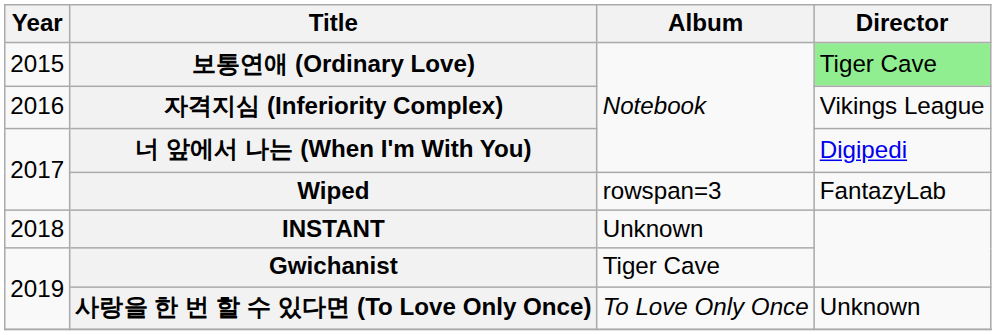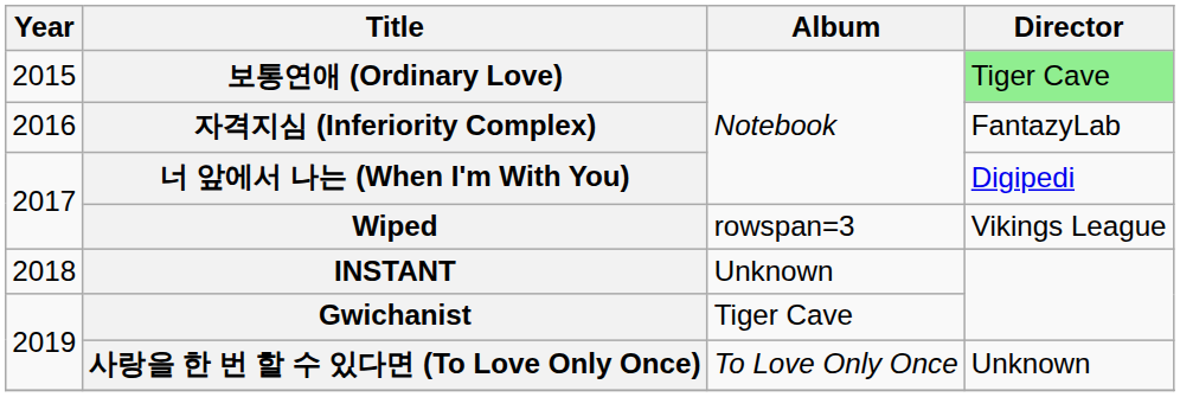 <table class="wikitable plainrowheaders">
 <tr>
 <th>Year</th>
 <th>Title</th>
 <th>Album</th>
 <th>Director</th>
 </tr>
 <tr>
 <td rowspan=1>2015</td>
 <th scope="row">보통연애 (Ordinary Love)</th>
 <td rowspan=3><em>Notebook</em></td>
 <td style="background: lightgreen;">Tiger Cave</td>
 </tr>
 <tr>
 <td rowspan=1>2016</td>
 <th scope="row">자격지심 (Inferiority Complex)</th>
-<td>Vikings League</td>
+<td>FantazyLab</td>
 </tr>
 <tr>
 <td rowspan=2>2017</td>
 <th scope="row">너 앞에서 나는 (When I'm With You)</th>
 <td><a href='#'>Digipedi</a></td>
 </tr>
 <tr>
 <th scope="row">Wiped</th>
 <td>rowspan=3 </td>
-<td>FantazyLab</td>
+<td>Vikings League</td>
 </tr>
 <tr>
 <td>2018</td>
 <th scope="row">INSTANT</th>
 <td>Unknown</td>
 </tr>
 <tr>
 <td rowspan=2>2019</td>
 <th scope="row">Gwichanist </th>
 <td>Tiger Cave</td>
 </tr>
 <tr>
 <th scope="row">사랑을 한 번 할 수 있다면 (To Love Only Once) </th>
 <td><em>To Love Only Once</em></td>
 <td>Unknown</td>
 </tr>
 <tr>
 </tr>
 </table>
